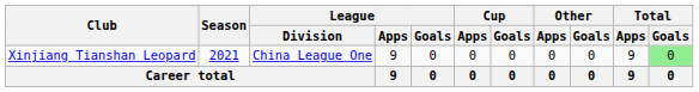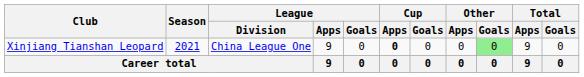 <table class="wikitable" style="text-align: center">
 <tr>
 <th rowspan="2">Club</th>
 <th rowspan="2">Season</th>
 <th colspan="3">League</th>
 <th colspan="2">Cup</th>
 <th colspan="2">Other</th>
 <th colspan="2">Total</th>
 </tr>
 <tr>
 <th>Division</th>
 <th>Apps</th>
 <th>Goals</th>
 <th>Apps</th>
 <th>Goals</th>
 <th>Apps</th>
 <th>Goals</th>
 <th>Apps</th>
 <th>Goals</th>
 </tr>
 <tr>
 <td><a href='#'>Xinjiang Tianshan Leopard</a></td>
 <td><a href='#'>2021</a></td>
 <td><a href='#'>China League One</a></td>
 <td>9</td>
 <td>0</td>
+<td><strong>0</strong></td>
 <td>0</td>
 <td>0</td>
+<td style="background: lightgreen;">0</td>
+<td>9</td>
 <td>0</td>
-<td>0</td>
-<td>9</td>
-<td style="background: lightgreen;">0</td>
 </tr>
 <tr>
 <th colspan=3>Career total</th>
 <th>9</th>
 <th>0</th>
 <th>0</th>
 <th>0</th>
 <th>0</th>
 <th>0</th>
 <th>9</th>
 <th>0</th>
 </tr>
 </table>
